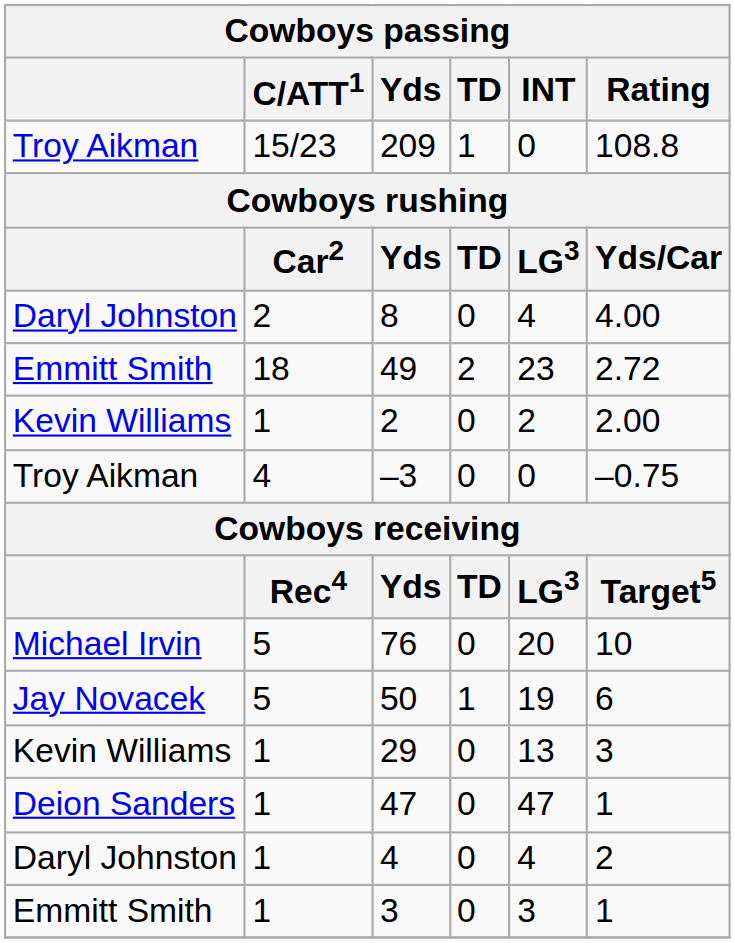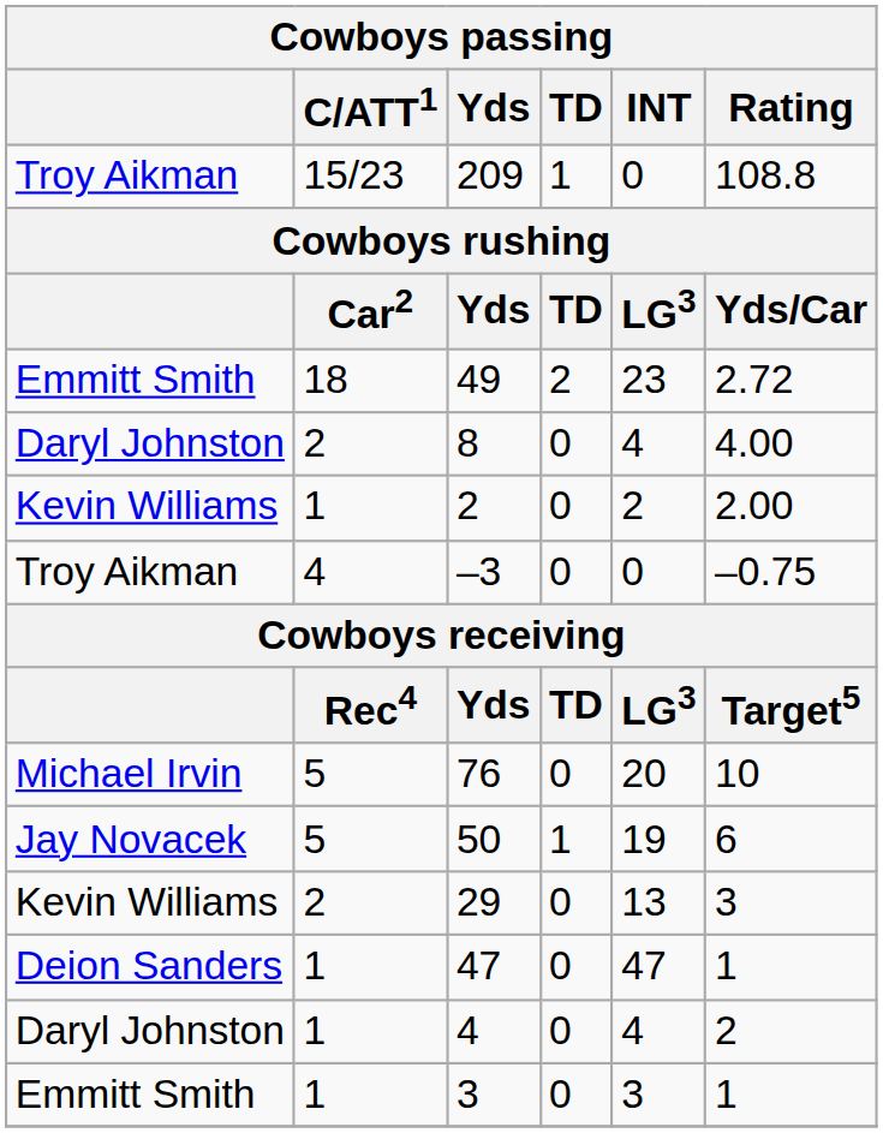 <table class="wikitable">
 <tr>
 <th colspan="6">Cowboys passing</th>
 </tr>
 <tr>
 <th></th>
 <th>C/ATT<sup>1</sup></th>
 <th>Yds</th>
 <th>TD</th>
 <th>INT</th>
 <th>Rating</th>
 </tr>
 <tr>
 <td><a href='#'>Troy Aikman</a></td>
 <td>15/23</td>
 <td>209</td>
 <td>1</td>
 <td>0</td>
 <td>108.8</td>
 </tr>
 <tr>
 <th colspan="6">Cowboys rushing</th>
 </tr>
 <tr>
 <th></th>
 <th>Car<sup>2</sup></th>
 <th>Yds</th>
 <th>TD</th>
 <th>LG<sup>3</sup></th>
 <th>Yds/Car</th>
 </tr>
 <tr>
+<td><a href='#'>Emmitt Smith</a></td>
+<td>18</td>
+<td>49</td>
+<td>2</td>
+<td>23</td>
+<td>2.72</td>
+</tr>
+<tr>
 <td><a href='#'>Daryl Johnston</a></td>
 <td>2</td>
 <td>8</td>
 <td>0</td>
 <td>4</td>
 <td>4.00</td>
-</tr>
-<tr>
-<td><a href='#'>Emmitt Smith</a></td>
-<td>18</td>
-<td>49</td>
-<td>2</td>
-<td>23</td>
-<td>2.72</td>
 </tr>
 <tr>
 <td><a href='#'>Kevin Williams</a></td>
 <td>1</td>
 <td>2</td>
 <td>0</td>
 <td>2</td>
 <td>2.00</td>
 </tr>
 <tr>
 <td>Troy Aikman</td>
 <td>4</td>
 <td>–3</td>
 <td>0</td>
 <td>0</td>
 <td>–0.75</td>
 </tr>
 <tr>
 <th colspan="6">Cowboys receiving</th>
 </tr>
 <tr>
 <th></th>
 <th>Rec<sup>4</sup></th>
 <th>Yds</th>
 <th>TD</th>
 <th>LG<sup>3</sup></th>
 <th>Target<sup>5</sup></th>
 </tr>
 <tr>
 <td><a href='#'>Michael Irvin</a></td>
 <td>5</td>
 <td>76</td>
 <td>0</td>
 <td>20</td>
 <td>10</td>
 </tr>
 <tr>
 <td><a href='#'>Jay Novacek</a></td>
 <td>5</td>
 <td>50</td>
 <td>1</td>
 <td>19</td>
 <td>6</td>
 </tr>
 <tr>
 <td>Kevin Williams</td>
-<td>1</td>
+<td>2</td>
 <td>29</td>
 <td>0</td>
 <td>13</td>
 <td>3</td>
 </tr>
 <tr>
 <td><a href='#'>Deion Sanders</a></td>
 <td>1</td>
 <td>47</td>
 <td>0</td>
 <td>47</td>
 <td>1</td>
 </tr>
 <tr>
 <td>Daryl Johnston</td>
 <td>1</td>
 <td>4</td>
 <td>0</td>
 <td>4</td>
 <td>2</td>
 </tr>
 <tr>
 <td>Emmitt Smith</td>
 <td>1</td>
 <td>3</td>
 <td>0</td>
 <td>3</td>
 <td>1</td>
 </tr>
 <tr>
 </tr>
 </table>
